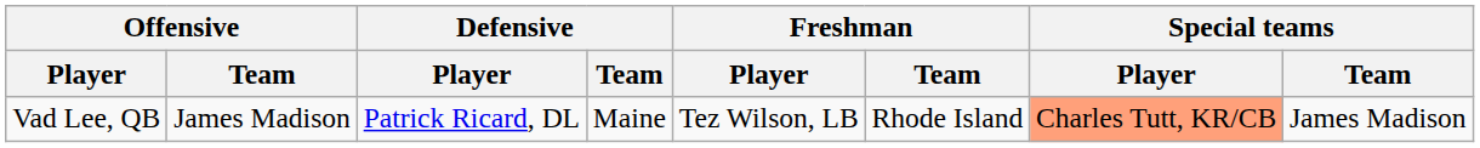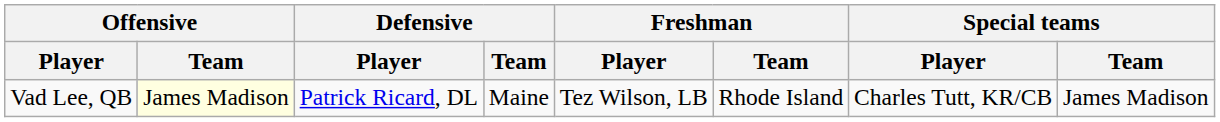 <table class="wikitable" border="1">
 <tr>
 <th colspan="2">Offensive</th>
 <th colspan="2">Defensive</th>
 <th colspan="2">Freshman</th>
 <th colspan="2">Special teams</th>
 </tr>
 <tr>
 <th>Player</th>
 <th>Team</th>
 <th>Player</th>
 <th>Team</th>
 <th>Player</th>
 <th>Team</th>
 <th>Player</th>
 <th>Team</th>
 </tr>
 <tr>
 <td>Vad Lee, QB</td>
-<td>James Madison</td>
+<td style="background: lightyellow;">James Madison</td>
 <td><a href='#'>Patrick Ricard</a>, DL</td>
 <td>Maine</td>
 <td>Tez Wilson, LB</td>
 <td>Rhode Island</td>
-<td style="background: lightsalmon;">Charles Tutt, KR/CB</td>
+<td>Charles Tutt, KR/CB</td>
 <td>James Madison</td>
 </tr>
 </table>
